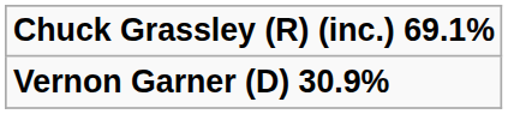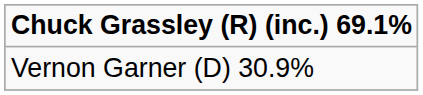 <table class="wikitable">
 <tr>
 <td><strong>Chuck Grassley (R) (inc.) 69.1%</strong></td>
 </tr>
 <tr>
-<td><strong>Vernon Garner (D) 30.9%</strong></td>
+<td>Vernon Garner (D) 30.9%</td>
 </tr>
 </table>
